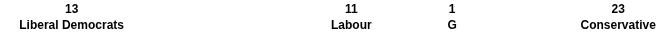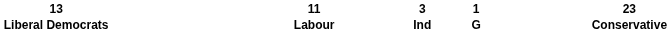 <table style="width:60%; text-align:center;">
 <tr style="colour:white;">
 <td style="background:"><strong>13</strong></td>
 <td style="background:"><strong>11</strong></td>
+<td style="background:"><strong>3</strong></td>
 <td style="background:"><strong>1</strong></td>
 <td style="background:"><strong>23</strong></td>
 </tr>
 <tr>
 <td><span><strong>Liberal Democrats</strong></span></td>
 <td><span><strong>Labour</strong></span></td>
+<td><span><strong>Ind</strong></span></td>
 <td><span><strong>G</strong></span></td>
 <td><span><strong>Conservative</strong></span></td>
 </tr>
 </table>
